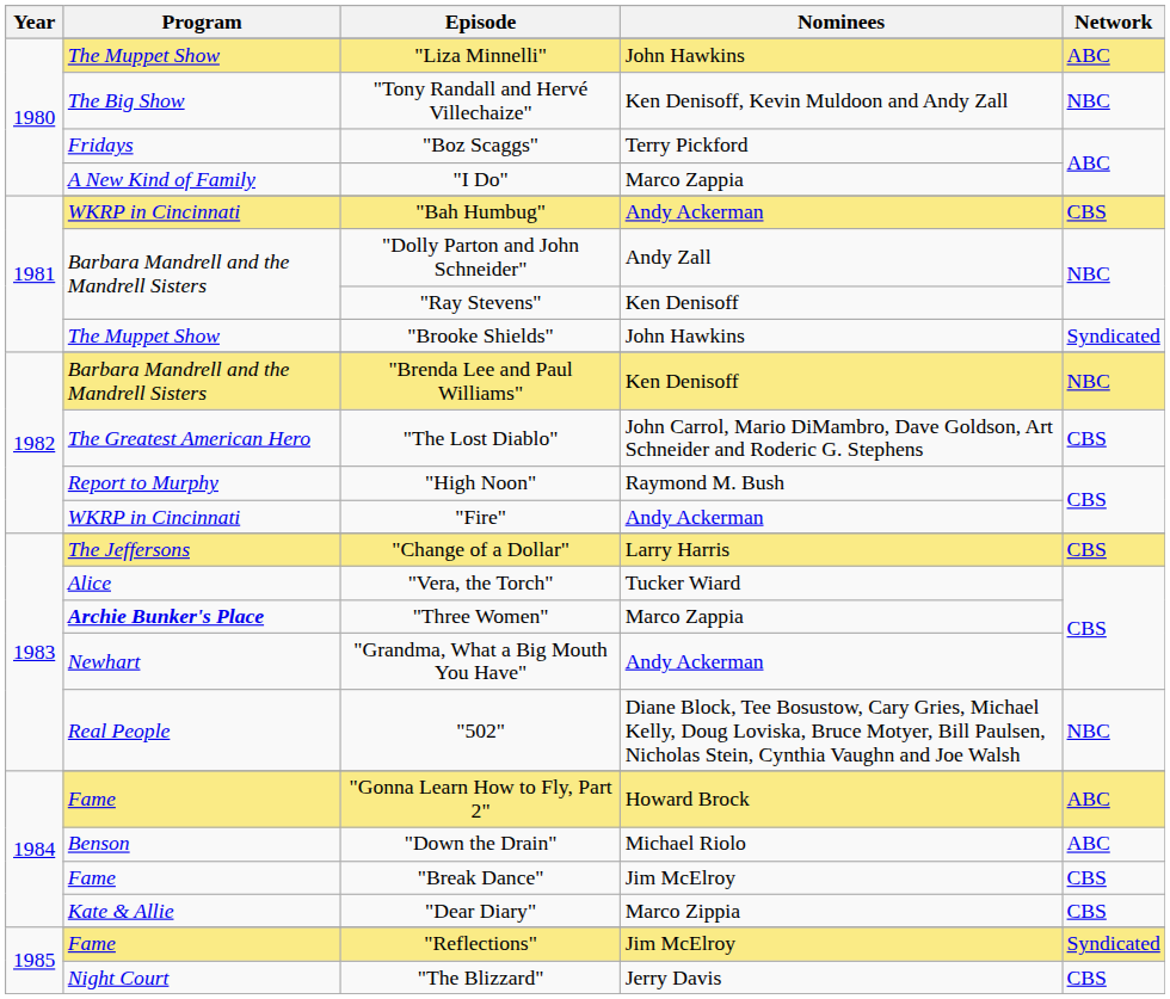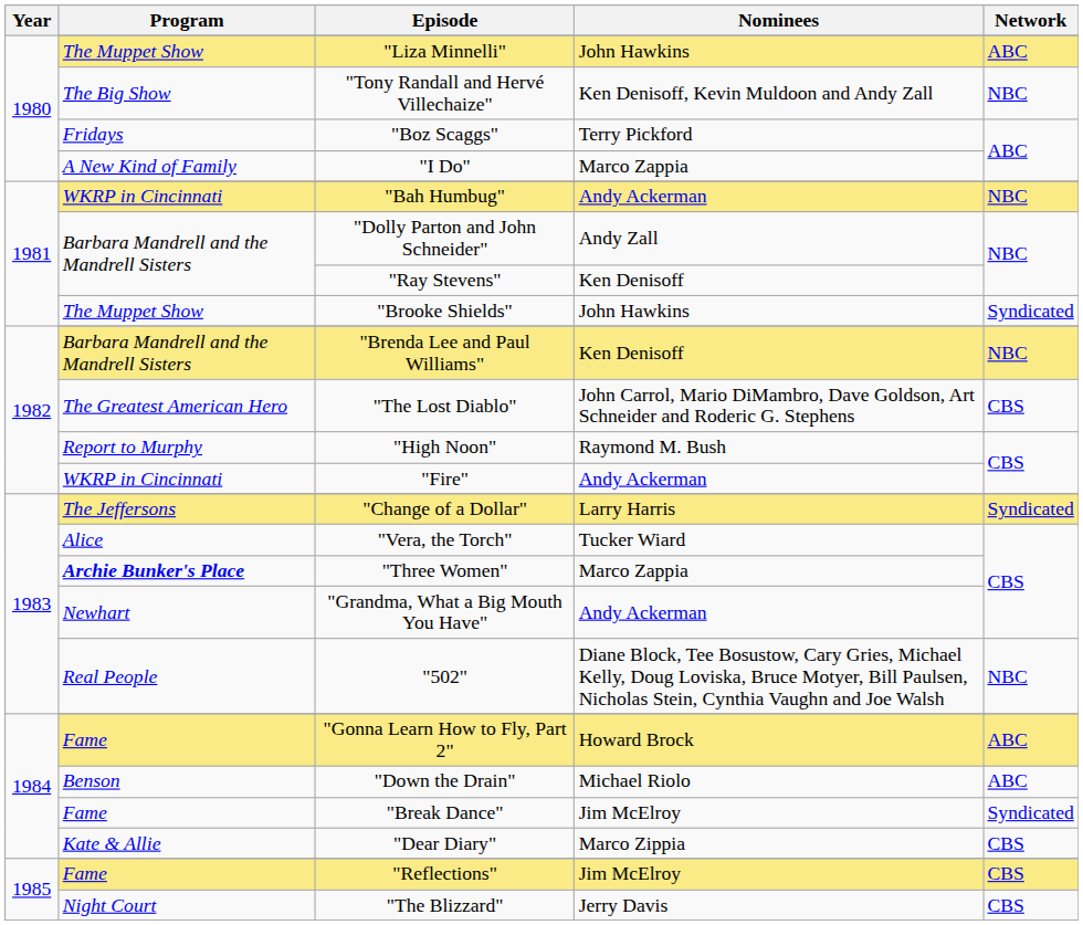 <table class="wikitable" style="width:100%">
 <tr style="background:#bebebe;">
 <th style="width:5%;">Year</th>
 <th style="width:25%;">Program</th>
 <th style="width:25%;">Episode</th>
 <th style="width:40%;">Nominees</th>
 <th style="width:5%;">Network</th>
 </tr>
 <tr>
 <td rowspan=5 style="text-align:center;"><a href='#'>1980</a><br></td>
 </tr>
 <tr style="background:#FAEB86;">
 <td><em><a href='#'>The Muppet Show</a></em></td>
 <td align=center>"Liza Minnelli"</td>
 <td>John Hawkins</td>
 <td><a href='#'>ABC</a></td>
 </tr>
 <tr>
 <td><em><a href='#'>The Big Show</a></em></td>
 <td align=center>"Tony Randall and Hervé Villechaize"</td>
 <td>Ken Denisoff, Kevin Muldoon and Andy Zall</td>
 <td><a href='#'>NBC</a></td>
 </tr>
 <tr>
 <td><em><a href='#'>Fridays</a></em></td>
 <td align=center>"Boz Scaggs"</td>
 <td>Terry Pickford</td>
 <td rowspan=2><a href='#'>ABC</a></td>
 </tr>
 <tr>
 <td><em><a href='#'>A New Kind of Family</a></em></td>
 <td align=center>"I Do"</td>
 <td>Marco Zappia</td>
 </tr>
 <tr>
 <td rowspan=5 style="text-align:center;"><a href='#'>1981</a><br></td>
 </tr>
 <tr style="background:#FAEB86;">
 <td><em><a href='#'>WKRP in Cincinnati</a></em></td>
 <td align=center>"Bah Humbug"</td>
 <td><a href='#'>Andy Ackerman</a></td>
-<td><a href='#'>CBS</a></td>
+<td><a href='#'>NBC</a></td>
 </tr>
 <tr>
 <td rowspan=2><em>Barbara Mandrell and the Mandrell Sisters</em></td>
 <td align=center>"Dolly Parton and John Schneider"</td>
 <td>Andy Zall</td>
 <td rowspan=2><a href='#'>NBC</a></td>
 </tr>
 <tr>
 <td align=center>"Ray Stevens"</td>
 <td>Ken Denisoff</td>
 </tr>
 <tr>
 <td><em><a href='#'>The Muppet Show</a></em></td>
 <td align=center>"Brooke Shields"</td>
 <td>John Hawkins</td>
 <td><a href='#'>Syndicated</a></td>
 </tr>
 <tr>
 <td rowspan=5 style="text-align:center;"><a href='#'>1982</a><br></td>
 </tr>
 <tr style="background:#FAEB86;">
 <td><em>Barbara Mandrell and the Mandrell Sisters</em></td>
 <td align=center>"Brenda Lee and Paul Williams"</td>
 <td>Ken Denisoff</td>
 <td><a href='#'>NBC</a></td>
 </tr>
 <tr>
 <td><em><a href='#'>The Greatest American Hero</a></em></td>
 <td align=center>"The Lost Diablo"</td>
 <td>John Carrol, Mario DiMambro, Dave Goldson, Art Schneider and Roderic G. Stephens</td>
 <td><a href='#'>CBS</a></td>
 </tr>
 <tr>
 <td><em><a href='#'>Report to Murphy</a></em></td>
 <td align=center>"High Noon"</td>
 <td>Raymond M. Bush</td>
 <td rowspan=2><a href='#'>CBS</a></td>
 </tr>
 <tr>
 <td><em><a href='#'>WKRP in Cincinnati</a></em></td>
 <td align=center>"Fire"</td>
 <td><a href='#'>Andy Ackerman</a></td>
 </tr>
 <tr>
 <td rowspan=6 style="text-align:center;"><a href='#'>1983</a><br></td>
 </tr>
 <tr style="background:#FAEB86;">
 <td><em><a href='#'>The Jeffersons</a></em></td>
 <td align=center>"Change of a Dollar"</td>
 <td>Larry Harris</td>
-<td><a href='#'>CBS</a></td>
+<td><a href='#'>Syndicated</a></td>
 </tr>
 <tr>
 <td><em><a href='#'>Alice</a></em></td>
 <td align=center>"Vera, the Torch"</td>
 <td>Tucker Wiard</td>
 <td rowspan=3><a href='#'>CBS</a></td>
 </tr>
 <tr>
 <td><strong><em><a href='#'>Archie Bunker's Place</a></em></strong></td>
 <td align=center>"Three Women"</td>
 <td>Marco Zappia</td>
 </tr>
 <tr>
 <td><em><a href='#'>Newhart</a></em></td>
 <td align=center>"Grandma, What a Big Mouth You Have"</td>
 <td><a href='#'>Andy Ackerman</a></td>
 </tr>
 <tr>
 <td><em><a href='#'>Real People</a></em></td>
 <td align=center>"502"</td>
 <td>Diane Block, Tee Bosustow, Cary Gries, Michael Kelly, Doug Loviska, Bruce Motyer, Bill Paulsen, Nicholas Stein, Cynthia Vaughn and Joe Walsh</td>
 <td><a href='#'>NBC</a></td>
 </tr>
 <tr>
 <td rowspan=5 style="text-align:center;"><a href='#'>1984</a><br></td>
 </tr>
 <tr style="background:#FAEB86;">
 <td><em><a href='#'>Fame</a></em></td>
 <td align=center>"Gonna Learn How to Fly, Part 2"</td>
 <td>Howard Brock</td>
 <td><a href='#'>ABC</a></td>
 </tr>
 <tr>
 <td><em><a href='#'>Benson</a></em></td>
 <td align=center>"Down the Drain"</td>
 <td>Michael Riolo</td>
 <td><a href='#'>ABC</a></td>
 </tr>
 <tr>
 <td><em><a href='#'>Fame</a></em></td>
 <td align=center>"Break Dance"</td>
 <td>Jim McElroy</td>
-<td><a href='#'>CBS</a></td>
+<td><a href='#'>Syndicated</a></td>
 </tr>
 <tr>
 <td><em><a href='#'>Kate & Allie</a></em></td>
 <td align=center>"Dear Diary"</td>
 <td>Marco Zippia</td>
 <td><a href='#'>CBS</a></td>
 </tr>
 <tr>
 <td rowspan=3 style="text-align:center;"><a href='#'>1985</a><br></td>
 </tr>
 <tr style="background:#FAEB86;">
 <td><em><a href='#'>Fame</a></em></td>
 <td align=center>"Reflections"</td>
 <td>Jim McElroy</td>
-<td><a href='#'>Syndicated</a></td>
+<td><a href='#'>CBS</a></td>
 </tr>
 <tr>
 <td><em><a href='#'>Night Court</a></em></td>
 <td align=center>"The Blizzard"</td>
 <td>Jerry Davis</td>
 <td><a href='#'>CBS</a></td>
 </tr>
 <tr>
 </tr>
 </table>
